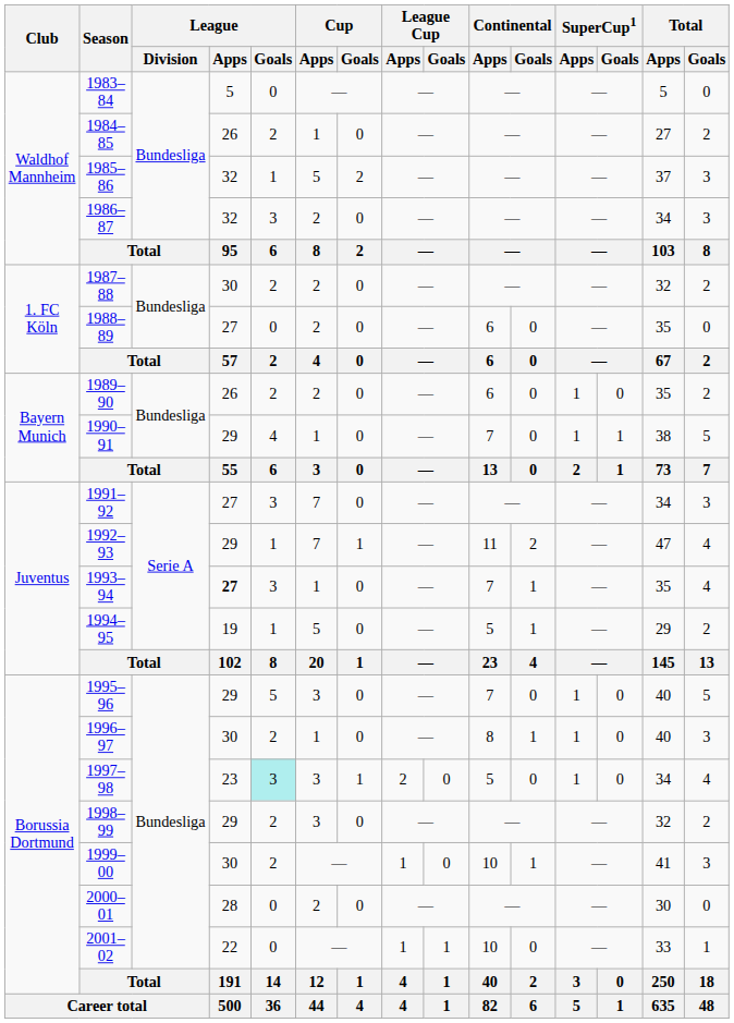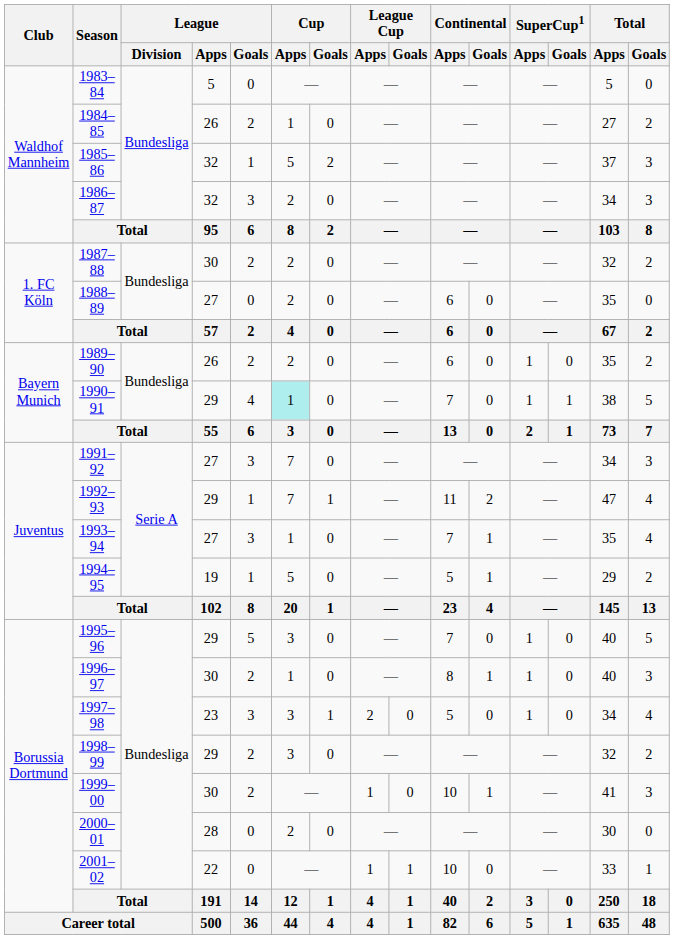 <table class="wikitable" style="text-align:center">
 <tr>
 <th rowspan="2">Club</th>
 <th rowspan="2">Season</th>
 <th colspan="3">League</th>
 <th colspan="2">Cup</th>
 <th colspan="2">League Cup</th>
 <th colspan="2">Continental</th>
 <th colspan="2">SuperCup<sup>1</sup></th>
 <th colspan="2">Total</th>
 </tr>
 <tr>
 <th>Division</th>
 <th>Apps</th>
 <th>Goals</th>
 <th>Apps</th>
 <th>Goals</th>
 <th>Apps</th>
 <th>Goals</th>
 <th>Apps</th>
 <th>Goals</th>
 <th>Apps</th>
 <th>Goals</th>
 <th>Apps</th>
 <th>Goals</th>
 </tr>
 <tr>
 <td rowspan="5"><a href='#'>Waldhof Mannheim</a></td>
 <td><a href='#'>1983–84</a></td>
 <td rowspan="4"><a href='#'>Bundesliga</a></td>
 <td>5</td>
 <td>0</td>
 <td colspan=2>—</td>
 <td colspan=2>—</td>
 <td colspan=2>—</td>
 <td colspan=2>—</td>
 <td>5</td>
 <td>0</td>
 </tr>
 <tr>
 <td><a href='#'>1984–85</a></td>
 <td>26</td>
 <td>2</td>
 <td>1</td>
 <td>0</td>
 <td colspan=2>—</td>
 <td colspan=2>—</td>
 <td colspan=2>—</td>
 <td>27</td>
 <td>2</td>
 </tr>
 <tr>
 <td><a href='#'>1985–86</a></td>
 <td>32</td>
 <td>1</td>
 <td>5</td>
 <td>2</td>
 <td colspan=2>—</td>
 <td colspan=2>—</td>
 <td colspan=2>—</td>
 <td>37</td>
 <td>3</td>
 </tr>
 <tr>
 <td><a href='#'>1986–87</a></td>
 <td>32</td>
 <td>3</td>
 <td>2</td>
 <td>0</td>
 <td colspan=2>—</td>
 <td colspan=2>—</td>
 <td colspan=2>—</td>
 <td>34</td>
 <td>3</td>
 </tr>
 <tr>
 <th colspan="2">Total</th>
 <th>95</th>
 <th>6</th>
 <th>8</th>
 <th>2</th>
 <th colspan=2>—</th>
 <th colspan=2>—</th>
 <th colspan=2>—</th>
 <th>103</th>
 <th>8</th>
 </tr>
 <tr>
 <td rowspan="3"><a href='#'>1. FC Köln</a></td>
 <td><a href='#'>1987–88</a></td>
 <td rowspan="2">Bundesliga</td>
 <td>30</td>
 <td>2</td>
 <td>2</td>
 <td>0</td>
 <td colspan=2>—</td>
 <td colspan=2>—</td>
 <td colspan=2>—</td>
 <td>32</td>
 <td>2</td>
 </tr>
 <tr>
 <td><a href='#'>1988–89</a></td>
 <td>27</td>
 <td>0</td>
 <td>2</td>
 <td>0</td>
 <td colspan=2>—</td>
 <td>6</td>
 <td>0</td>
 <td colspan=2>—</td>
 <td>35</td>
 <td>0</td>
 </tr>
 <tr>
 <th colspan="2">Total</th>
 <th>57</th>
 <th>2</th>
 <th>4</th>
 <th>0</th>
 <th colspan=2>—</th>
 <th>6</th>
 <th>0</th>
 <th colspan=2>—</th>
 <th>67</th>
 <th>2</th>
 </tr>
 <tr>
 <td rowspan="3"><a href='#'>Bayern Munich</a></td>
 <td><a href='#'>1989–90</a></td>
 <td rowspan="2">Bundesliga</td>
 <td>26</td>
 <td>2</td>
 <td>2</td>
 <td>0</td>
 <td colspan=2>—</td>
 <td>6</td>
 <td>0</td>
 <td>1</td>
 <td>0</td>
 <td>35</td>
 <td>2</td>
 </tr>
 <tr>
 <td><a href='#'>1990–91</a></td>
 <td>29</td>
 <td>4</td>
-<td>1</td>
+<td style="background: paleturquoise;">1</td>
 <td>0</td>
 <td colspan=2>—</td>
 <td>7</td>
 <td>0</td>
 <td>1</td>
 <td>1</td>
 <td>38</td>
 <td>5</td>
 </tr>
 <tr>
 <th colspan="2">Total</th>
 <th>55</th>
 <th>6</th>
 <th>3</th>
 <th>0</th>
 <th colspan=2>—</th>
 <th>13</th>
 <th>0</th>
 <th>2</th>
 <th>1</th>
 <th>73</th>
 <th>7</th>
 </tr>
 <tr>
 <td rowspan="5"><a href='#'>Juventus</a></td>
 <td><a href='#'>1991–92</a></td>
 <td rowspan="4"><a href='#'>Serie A</a></td>
 <td>27</td>
 <td>3</td>
 <td>7</td>
 <td>0</td>
 <td colspan=2>—</td>
 <td colspan=2>—</td>
 <td colspan=2>—</td>
 <td>34</td>
 <td>3</td>
 </tr>
 <tr>
 <td><a href='#'>1992–93</a></td>
 <td>29</td>
 <td>1</td>
 <td>7</td>
 <td>1</td>
 <td colspan=2>—</td>
 <td>11</td>
 <td>2</td>
 <td colspan=2>—</td>
 <td>47</td>
 <td>4</td>
 </tr>
 <tr>
 <td><a href='#'>1993–94</a></td>
-<td><strong>27</strong></td>
+<td>27</td>
 <td>3</td>
 <td>1</td>
 <td>0</td>
 <td colspan=2>—</td>
 <td>7</td>
 <td>1</td>
 <td colspan=2>—</td>
 <td>35</td>
 <td>4</td>
 </tr>
 <tr>
 <td><a href='#'>1994–95</a></td>
 <td>19</td>
 <td>1</td>
 <td>5</td>
 <td>0</td>
 <td colspan=2>—</td>
 <td>5</td>
 <td>1</td>
 <td colspan=2>—</td>
 <td>29</td>
 <td>2</td>
 </tr>
 <tr>
 <th colspan="2">Total</th>
 <th>102</th>
 <th>8</th>
 <th>20</th>
 <th>1</th>
 <th colspan=2>—</th>
 <th>23</th>
 <th>4</th>
 <th colspan=2>—</th>
 <th>145</th>
 <th>13</th>
 </tr>
 <tr>
 <td rowspan="8"><a href='#'>Borussia Dortmund</a></td>
 <td><a href='#'>1995–96</a></td>
 <td rowspan="7">Bundesliga</td>
 <td>29</td>
 <td>5</td>
 <td>3</td>
 <td>0</td>
 <td colspan=2>—</td>
 <td>7</td>
 <td>0</td>
 <td>1</td>
 <td>0</td>
 <td>40</td>
 <td>5</td>
 </tr>
 <tr>
 <td><a href='#'>1996–97</a></td>
 <td>30</td>
 <td>2</td>
 <td>1</td>
 <td>0</td>
 <td colspan=2>—</td>
 <td>8</td>
 <td>1</td>
 <td>1</td>
 <td>0</td>
 <td>40</td>
 <td>3</td>
 </tr>
 <tr>
 <td><a href='#'>1997–98</a></td>
 <td>23</td>
-<td style="background: paleturquoise;">3</td>
+<td>3</td>
 <td>3</td>
 <td>1</td>
 <td>2</td>
 <td>0</td>
 <td>5</td>
 <td>0</td>
 <td>1</td>
 <td>0</td>
 <td>34</td>
 <td>4</td>
 </tr>
 <tr>
 <td><a href='#'>1998–99</a></td>
 <td>29</td>
 <td>2</td>
 <td>3</td>
 <td>0</td>
 <td colspan=2>—</td>
 <td colspan=2>—</td>
 <td colspan=2>—</td>
 <td>32</td>
 <td>2</td>
 </tr>
 <tr>
 <td><a href='#'>1999–00</a></td>
 <td>30</td>
 <td>2</td>
 <td colspan=2>—</td>
 <td>1</td>
 <td>0</td>
 <td>10</td>
 <td>1</td>
 <td colspan=2>—</td>
 <td>41</td>
 <td>3</td>
 </tr>
 <tr>
 <td><a href='#'>2000–01</a></td>
 <td>28</td>
 <td>0</td>
 <td>2</td>
 <td>0</td>
 <td colspan=2>—</td>
 <td colspan=2>—</td>
 <td colspan=2>—</td>
 <td>30</td>
 <td>0</td>
 </tr>
 <tr>
 <td><a href='#'>2001–02</a></td>
 <td>22</td>
 <td>0</td>
 <td colspan=2>—</td>
 <td>1</td>
 <td>1</td>
 <td>10</td>
 <td>0</td>
 <td colspan=2>—</td>
 <td>33</td>
 <td>1</td>
 </tr>
 <tr>
 <th colspan="2">Total</th>
 <th>191</th>
 <th>14</th>
 <th>12</th>
 <th>1</th>
 <th>4</th>
 <th>1</th>
 <th>40</th>
 <th>2</th>
 <th>3</th>
 <th>0</th>
 <th>250</th>
 <th>18</th>
 </tr>
 <tr>
 <th colspan="3">Career total</th>
 <th>500</th>
 <th>36</th>
 <th>44</th>
 <th>4</th>
 <th>4</th>
 <th>1</th>
 <th>82</th>
 <th>6</th>
 <th>5</th>
 <th>1</th>
 <th>635</th>
 <th>48</th>
 </tr>
 </table>
